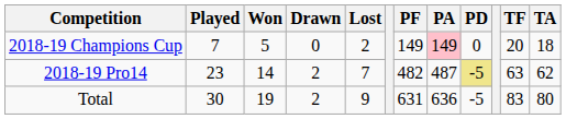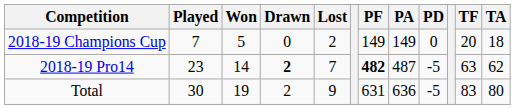 <table class="wikitable">
 <tr>
 <th>Competition</th>
 <th>Played</th>
 <th>Won</th>
 <th>Drawn</th>
 <th>Lost</th>
 <th rowspan="4"></th>
 <th>PF</th>
 <th>PA</th>
 <th>PD</th>
 <th rowspan="4"></th>
 <th>TF</th>
 <th>TA</th>
 </tr>
 <tr align=center>
 <td><a href='#'>2018-19 Champions Cup</a></td>
 <td>7</td>
 <td>5</td>
 <td>0</td>
 <td>2</td>
 <td>149</td>
-<td style="background: pink;">149</td>
+<td>149</td>
 <td>0</td>
 <td>20</td>
 <td>18</td>
 </tr>
 <tr align=center>
 <td><a href='#'>2018-19 Pro14</a></td>
 <td>23</td>
 <td>14</td>
-<td>2</td>
+<td><strong>2</strong></td>
 <td>7</td>
-<td>482</td>
+<td><strong>482</strong></td>
 <td>487</td>
-<td style="background: khaki;">-5</td>
+<td>-5</td>
 <td>63</td>
 <td>62</td>
 </tr>
 <tr align=center>
 <td>Total</td>
 <td>30</td>
 <td>19</td>
 <td>2</td>
 <td>9</td>
 <td>631</td>
 <td>636</td>
 <td>-5</td>
 <td>83</td>
 <td>80</td>
 </tr>
 </table>
